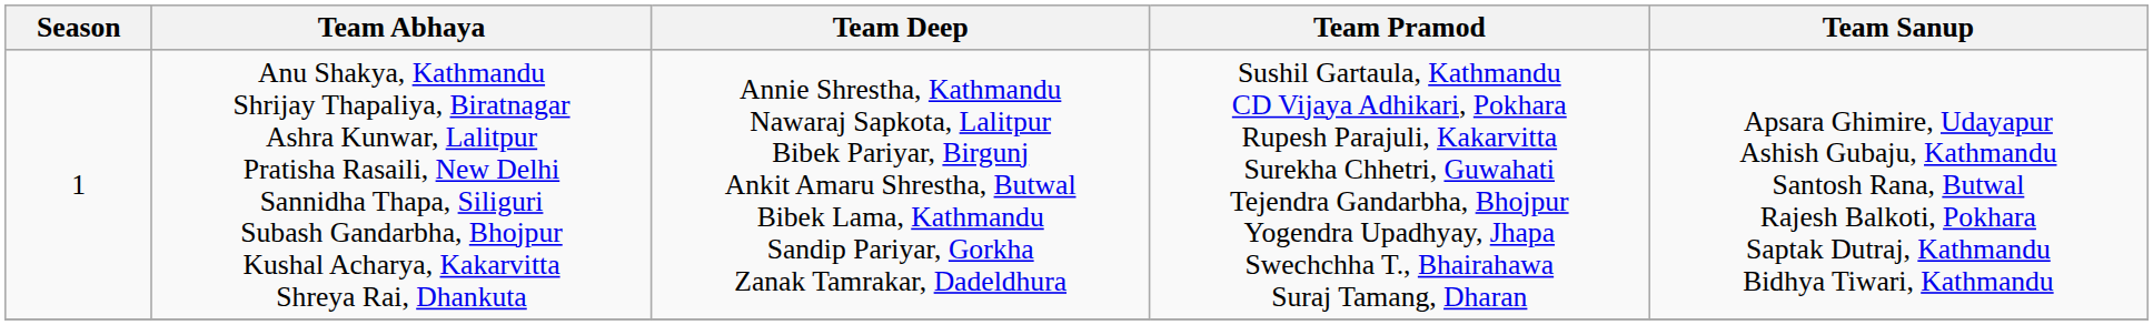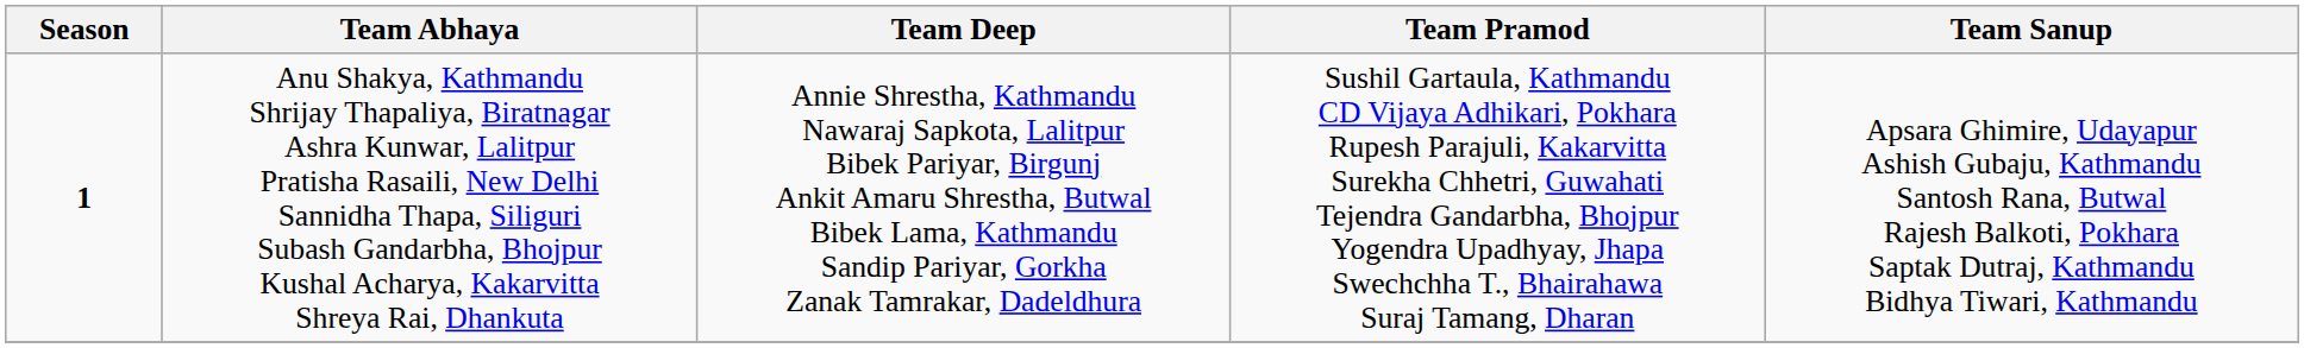 <table class="wikitable plainrowheaders" style="text-align:center">
 <tr>
 <th style="width:5%;" scope="col">Season</th>
 <th style="width:17%;" scope="col">Team Abhaya</th>
 <th style="width:17%;" scope="col">Team Deep</th>
 <th style="width:17%;" scope="col">Team Pramod</th>
 <th style="width:17%;" scope="col">Team Sanup</th>
 </tr>
 <tr>
-<td scope="row">1</td>
+<td scope="row"><strong>1</strong></td>
 <td>Anu Shakya, <a href='#'>Kathmandu</a> <br>Shrijay Thapaliya, <a href='#'>Biratnagar</a> <br>Ashra Kunwar, <a href='#'>Lalitpur</a><br>Pratisha Rasaili, <a href='#'>New Delhi</a><br>Sannidha Thapa, <a href='#'>Siliguri</a><br>Subash Gandarbha, <a href='#'>Bhojpur</a><br>Kushal Acharya, <a href='#'>Kakarvitta</a><br>Shreya Rai, <a href='#'>Dhankuta</a></td>
 <td>Annie Shrestha, <a href='#'>Kathmandu</a> <br>Nawaraj Sapkota, <a href='#'>Lalitpur</a> <br>Bibek Pariyar, <a href='#'>Birgunj</a><br>Ankit Amaru Shrestha, <a href='#'>Butwal</a><br>Bibek Lama, <a href='#'>Kathmandu</a><br>Sandip Pariyar, <a href='#'>Gorkha</a><br>Zanak Tamrakar, <a href='#'>Dadeldhura</a></td>
 <td>Sushil Gartaula, <a href='#'>Kathmandu</a> <br><a href='#'>CD Vijaya Adhikari</a>, <a href='#'>Pokhara</a> <br>Rupesh Parajuli, <a href='#'>Kakarvitta</a><br>Surekha Chhetri, <a href='#'>Guwahati</a><br>Tejendra Gandarbha, <a href='#'>Bhojpur</a><br>Yogendra Upadhyay, <a href='#'>Jhapa</a><br>Swechchha T., <a href='#'>Bhairahawa</a><br>Suraj Tamang, <a href='#'>Dharan</a></td>
 <td><br>Apsara Ghimire, <a href='#'>Udayapur</a> <br>Ashish Gubaju, <a href='#'>Kathmandu</a> <br>Santosh Rana, <a href='#'>Butwal</a><br>Rajesh Balkoti, <a href='#'>Pokhara</a><br>Saptak Dutraj, <a href='#'>Kathmandu</a><br>Bidhya Tiwari, <a href='#'>Kathmandu</a></td>
 </tr>
 <tr>
 </tr>
 </table>
